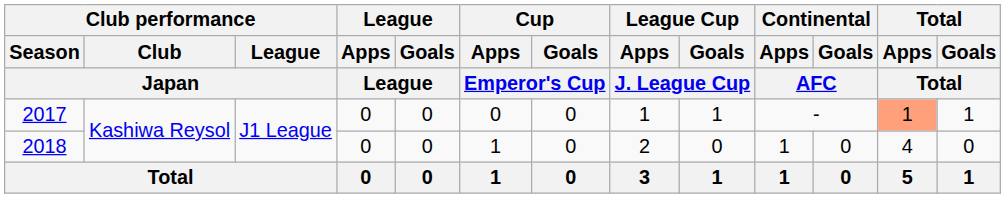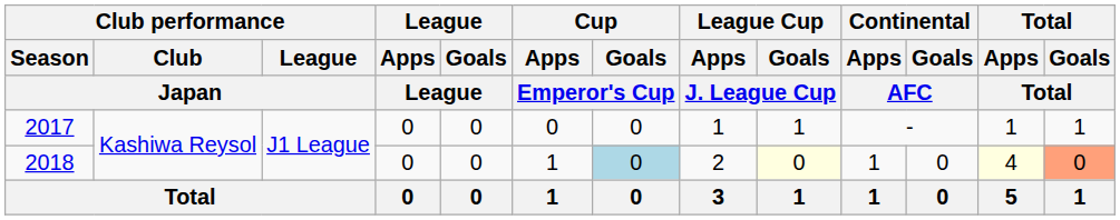 <table class="wikitable" style="text-align:center;">
 <tr>
 <th colspan=3>Club performance</th>
 <th colspan=2>League</th>
 <th colspan=2>Cup</th>
 <th colspan=2>League Cup</th>
 <th colspan=2>Continental</th>
 <th colspan=2>Total</th>
 </tr>
 <tr>
 <th>Season</th>
 <th>Club</th>
 <th>League</th>
 <th>Apps</th>
 <th>Goals</th>
 <th>Apps</th>
 <th>Goals</th>
 <th>Apps</th>
 <th>Goals</th>
 <th>Apps</th>
 <th>Goals</th>
 <th>Apps</th>
 <th>Goals</th>
 </tr>
 <tr>
 <th colspan=3>Japan</th>
 <th colspan=2>League</th>
 <th colspan=2><a href='#'>Emperor's Cup</a></th>
 <th colspan=2><a href='#'>J. League Cup</a></th>
 <th colspan=2><a href='#'>AFC</a></th>
 <th colspan=2>Total</th>
 </tr>
 <tr>
 <td><a href='#'>2017</a></td>
 <td rowspan="2"><a href='#'>Kashiwa Reysol</a></td>
 <td rowspan="2"><a href='#'>J1 League</a></td>
 <td>0</td>
 <td>0</td>
 <td>0</td>
 <td>0</td>
 <td>1</td>
 <td>1</td>
 <td colspan=2>-</td>
-<td style="background: lightsalmon;">1</td>
+<td>1</td>
 <td>1</td>
 </tr>
 <tr>
 <td><a href='#'>2018</a></td>
 <td>0</td>
 <td>0</td>
 <td>1</td>
-<td>0</td>
+<td style="background: lightblue;">0</td>
 <td>2</td>
-<td>0</td>
+<td style="background: lightyellow;">0</td>
 <td>1</td>
 <td>0</td>
-<td>4</td>
-<td>0</td>
+<td style="background: lightyellow;">4</td>
+<td style="background: lightsalmon;">0</td>
 </tr>
 <tr>
 <th colspan=3>Total</th>
 <th>0</th>
 <th>0</th>
 <th>1</th>
 <th>0</th>
 <th>3</th>
 <th>1</th>
 <th>1</th>
 <th>0</th>
 <th>5</th>
 <th>1</th>
 </tr>
 </table>
